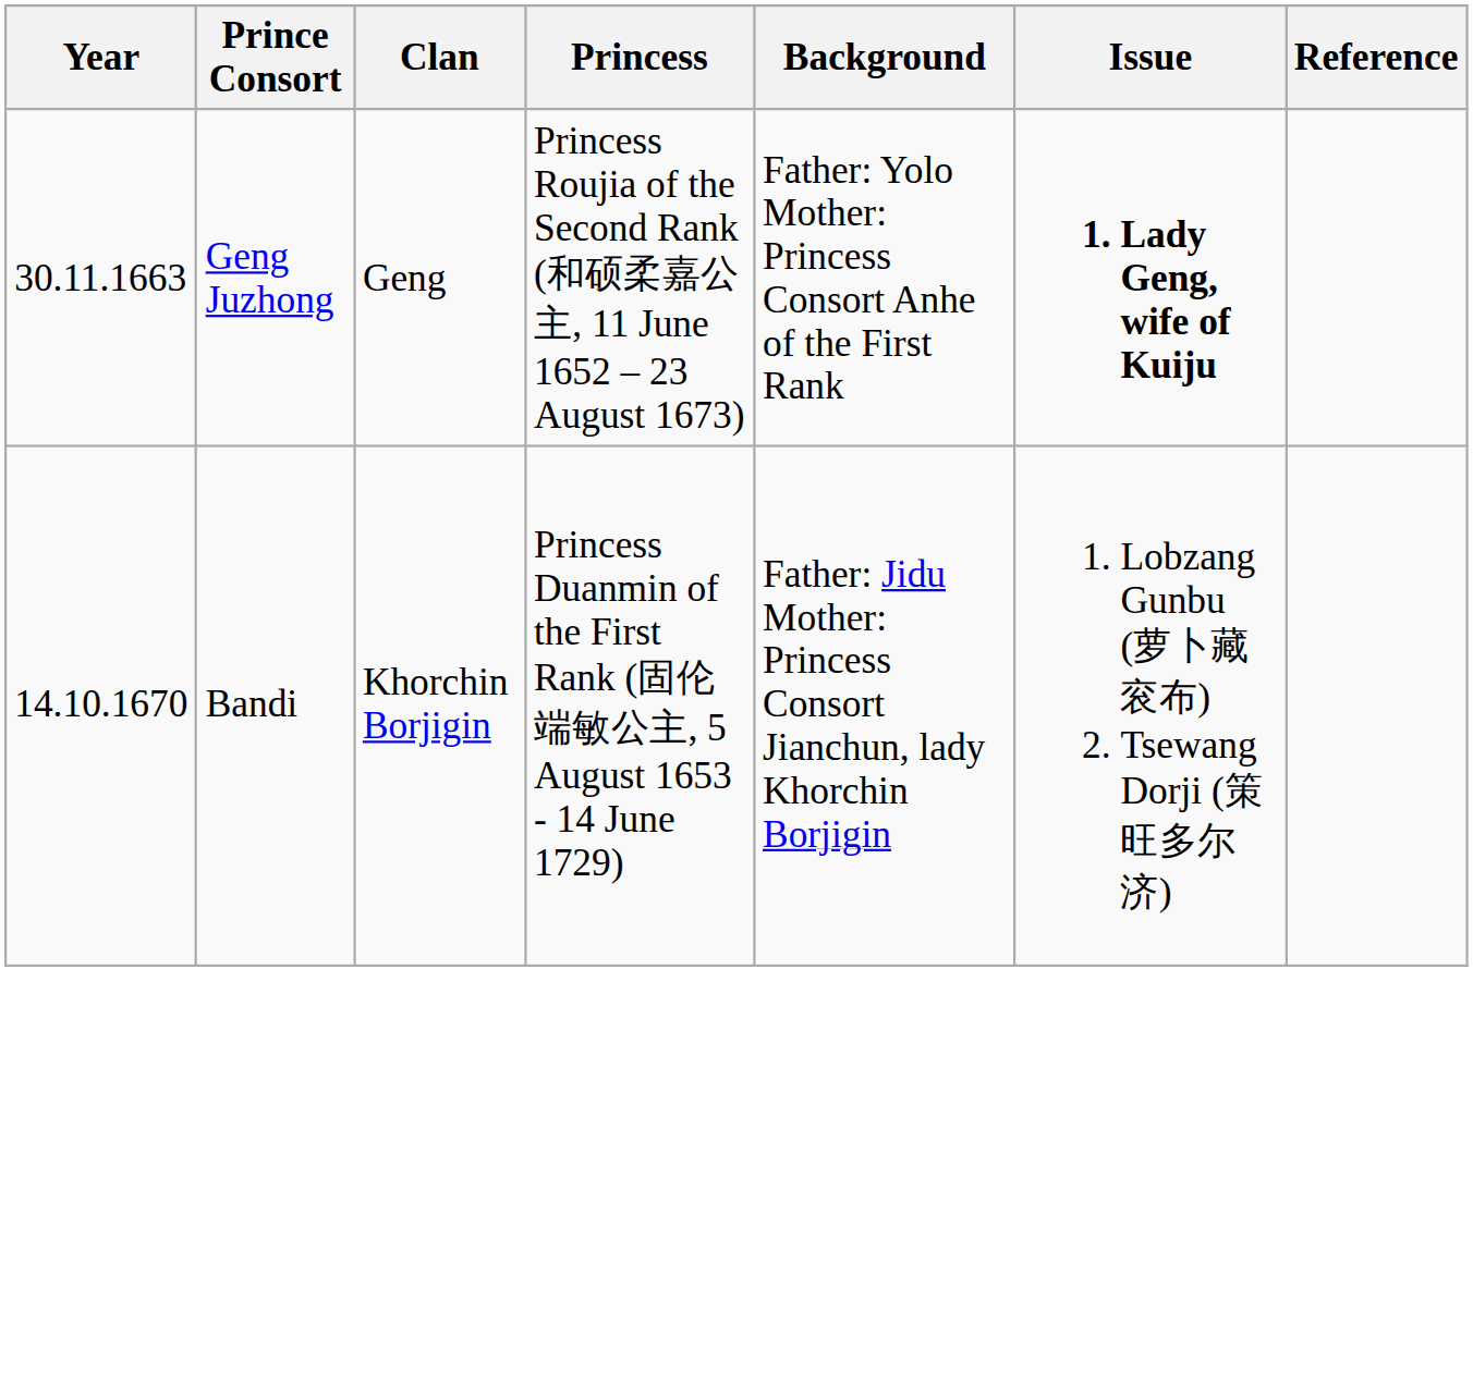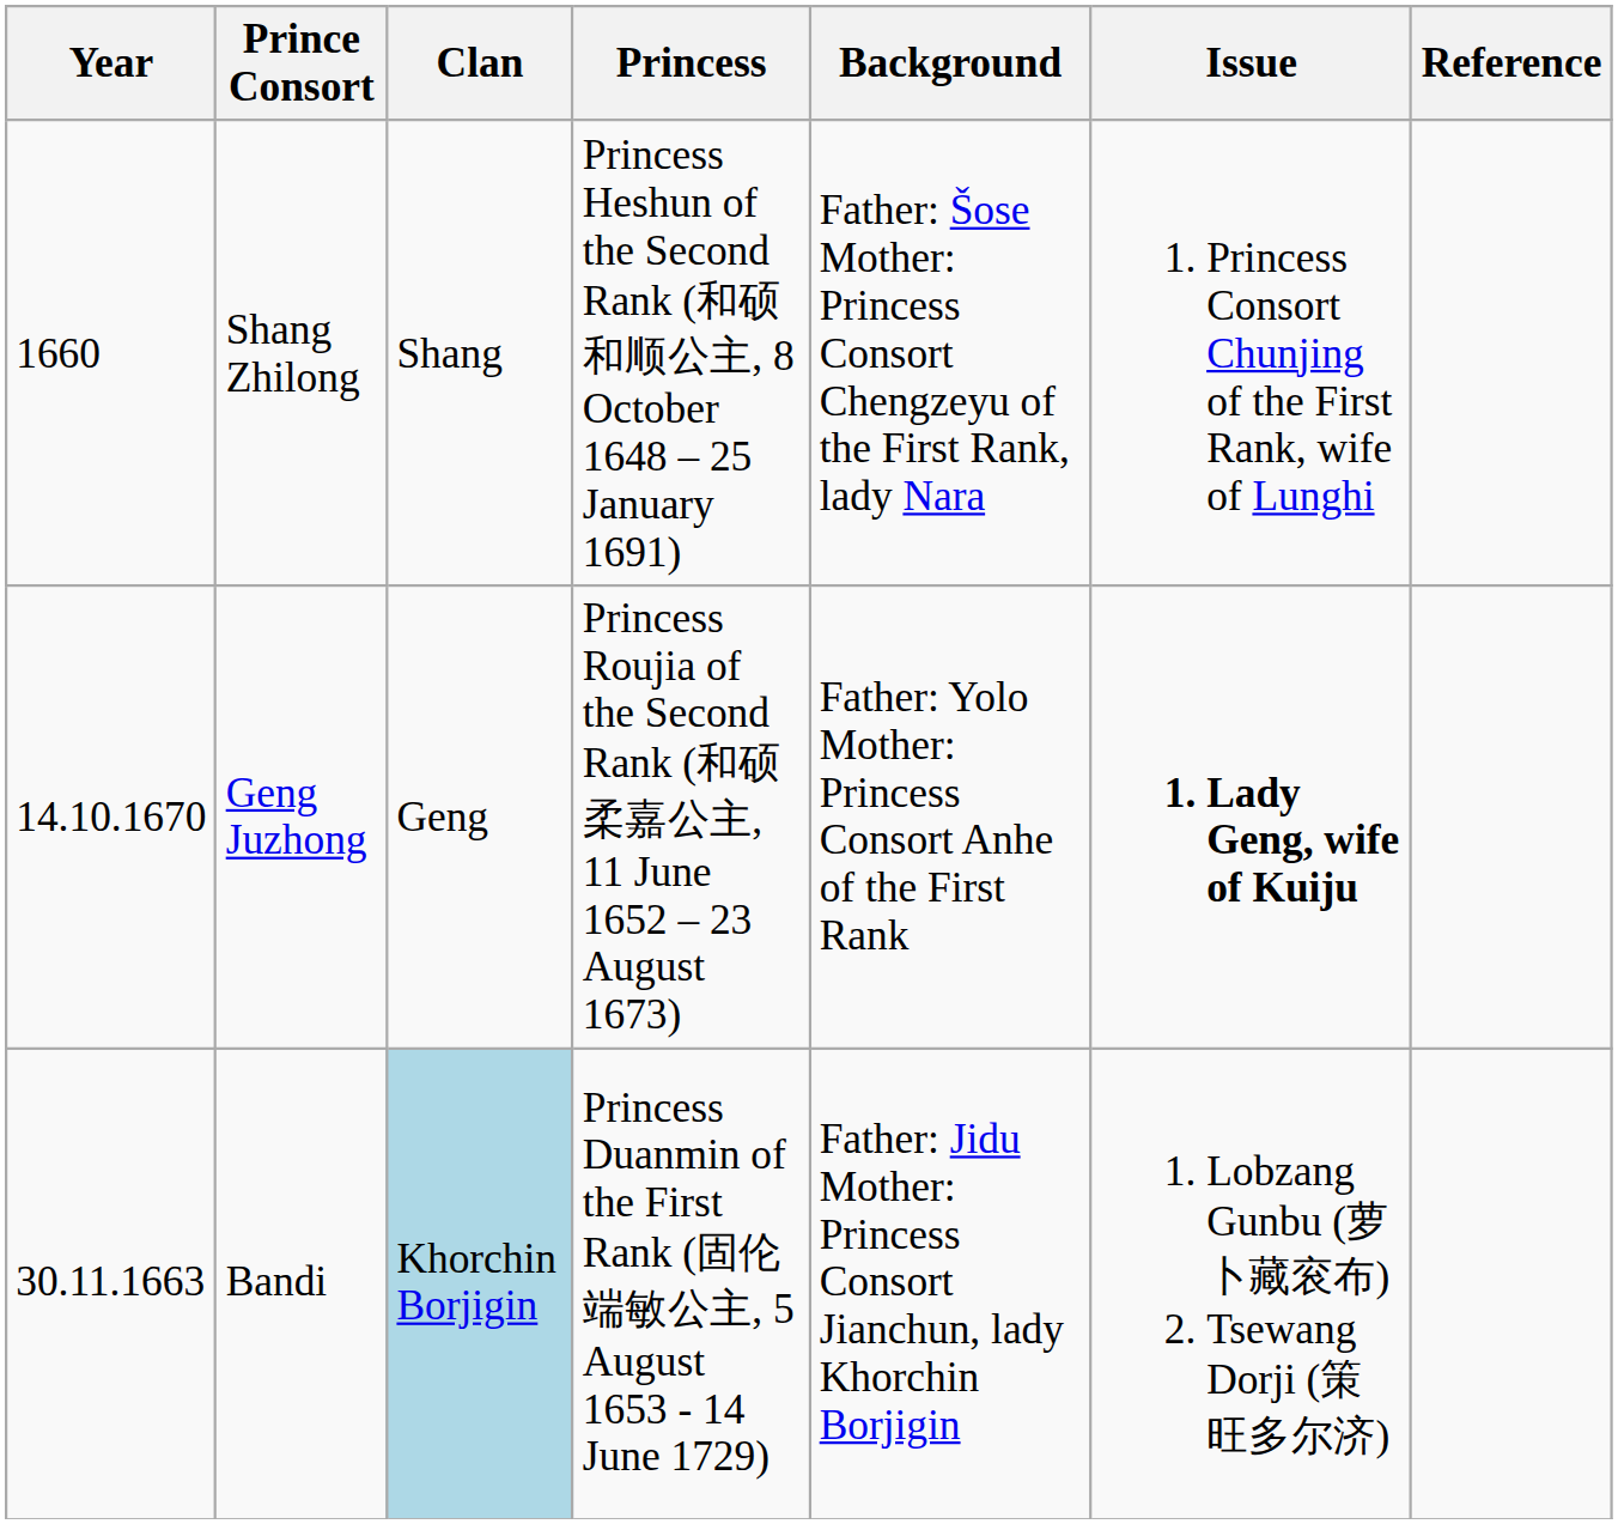 <table class="wikitable">
 <tr>
 <th>Year</th>
 <th>Prince Consort</th>
 <th>Clan</th>
 <th>Princess</th>
 <th>Background</th>
 <th>Issue</th>
 <th>Reference</th>
 </tr>
 <tr>
-<td>30.11.1663</td>
+<td>1660</td>
+<td>Shang Zhilong</td>
+<td>Shang</td>
+<td>Princess Heshun of the Second Rank (和硕和顺公主, 8 October 1648 – 25 January 1691)</td>
+<td>Father: <a href='#'>Šose</a><br>Mother: Princess Consort Chengzeyu of the First Rank, lady <a href='#'>Nara</a></td>
+<td><br><ol><li>Princess Consort <a href='#'>Chunjing</a> of the First Rank, wife of <a href='#'>Lunghi</a></li></ol></td>
+<td></td>
+</tr>
+<tr>
+<td>14.10.1670</td>
 <td><a href='#'>Geng Juzhong</a></td>
 <td>Geng</td>
 <td>Princess Roujia of the Second Rank (和硕柔嘉公主, 11 June 1652 – 23 August 1673)</td>
 <td>Father: Yolo<br>Mother: Princess Consort Anhe of the First Rank</td>
 <td><strong><br><ol><li>Lady Geng, wife of Kuiju</li></ol></strong></td>
 <td></td>
 </tr>
 <tr>
-<td>14.10.1670</td>
+<td>30.11.1663</td>
 <td>Bandi</td>
-<td>Khorchin <a href='#'>Borjigin</a></td>
+<td style="background: lightblue;">Khorchin <a href='#'>Borjigin</a></td>
 <td>Princess Duanmin of the First Rank (固伦端敏公主, 5 August 1653 - 14 June 1729)</td>
 <td>Father: <a href='#'>Jidu</a><br>Mother: Princess Consort Jianchun, lady Khorchin <a href='#'>Borjigin</a></td>
 <td><br><ol><li>Lobzang Gunbu (萝卜藏衮布)</li><li>Tsewang Dorji (策旺多尔济)</li></ol></td>
 <td></td>
 </tr>
 </table>
